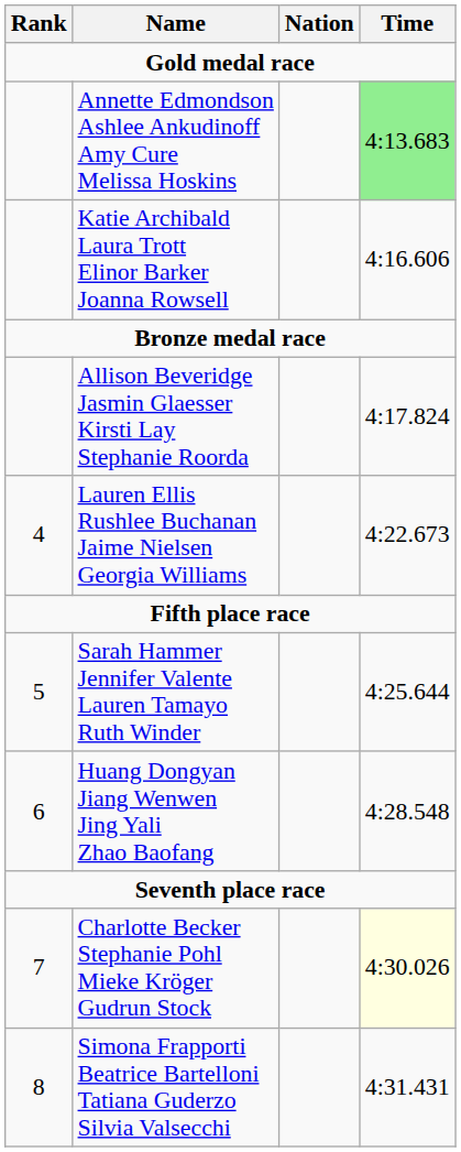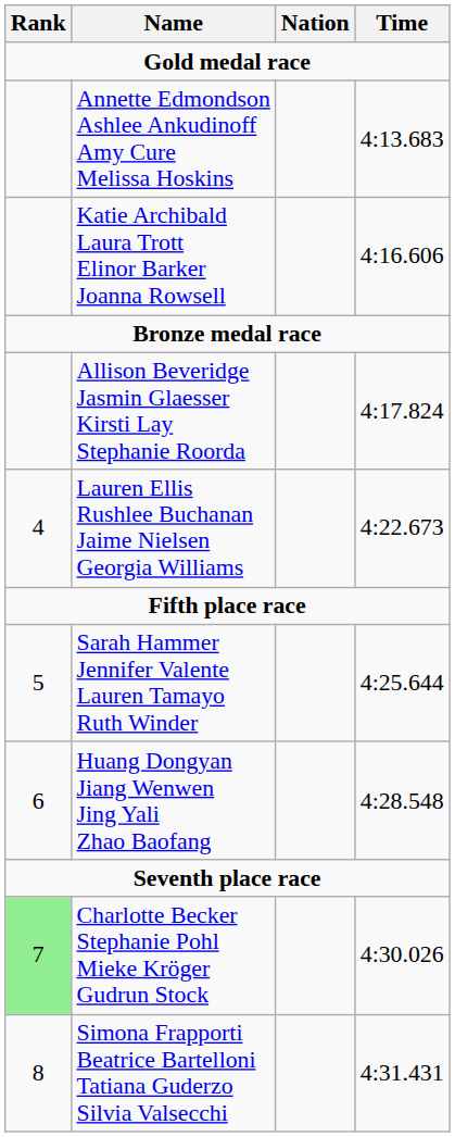 <table class="wikitable" style="text-align:center">
 <tr>
 <th>Rank</th>
 <th>Name</th>
 <th>Nation</th>
 <th>Time</th>
 </tr>
 <tr>
 <td colspan=4><strong>Gold medal race</strong></td>
 </tr>
 <tr>
 <td></td>
 <td align=left><a href='#'>Annette Edmondson</a><br><a href='#'>Ashlee Ankudinoff</a><br><a href='#'>Amy Cure</a><br><a href='#'>Melissa Hoskins</a></td>
 <td align=left></td>
-<td style="background: lightgreen;">4:13.683</td>
+<td>4:13.683</td>
 </tr>
 <tr>
 <td></td>
 <td align=left><a href='#'>Katie Archibald</a><br><a href='#'>Laura Trott</a><br><a href='#'>Elinor Barker</a><br><a href='#'>Joanna Rowsell</a></td>
 <td align=left></td>
 <td>4:16.606</td>
 </tr>
 <tr>
 <td colspan=4><strong>Bronze medal race</strong></td>
 </tr>
 <tr>
 <td></td>
 <td align=left><a href='#'>Allison Beveridge</a><br><a href='#'>Jasmin Glaesser</a><br><a href='#'>Kirsti Lay</a><br><a href='#'>Stephanie Roorda</a></td>
 <td align=left></td>
 <td>4:17.824</td>
 </tr>
 <tr>
 <td>4</td>
 <td align=left><a href='#'>Lauren Ellis</a><br><a href='#'>Rushlee Buchanan</a><br><a href='#'>Jaime Nielsen</a><br><a href='#'>Georgia Williams</a></td>
 <td align=left></td>
 <td>4:22.673</td>
 </tr>
 <tr>
 <td colspan=4><strong>Fifth place race</strong></td>
 </tr>
 <tr>
 <td>5</td>
 <td align=left><a href='#'>Sarah Hammer</a><br><a href='#'>Jennifer Valente</a><br><a href='#'>Lauren Tamayo</a><br><a href='#'>Ruth Winder</a></td>
 <td align=left></td>
 <td>4:25.644</td>
 </tr>
 <tr>
 <td>6</td>
 <td align=left><a href='#'>Huang Dongyan</a><br><a href='#'>Jiang Wenwen</a><br><a href='#'>Jing Yali</a><br><a href='#'>Zhao Baofang</a></td>
 <td align=left></td>
 <td>4:28.548</td>
 </tr>
 <tr>
 <td colspan=4><strong>Seventh place race</strong></td>
 </tr>
 <tr>
-<td>7</td>
+<td style="background: lightgreen;">7</td>
 <td align=left><a href='#'>Charlotte Becker</a><br><a href='#'>Stephanie Pohl</a><br><a href='#'>Mieke Kröger</a><br><a href='#'>Gudrun Stock</a></td>
 <td align=left></td>
-<td style="background: lightyellow;">4:30.026</td>
+<td>4:30.026</td>
 </tr>
 <tr>
 <td>8</td>
 <td align=left><a href='#'>Simona Frapporti</a><br><a href='#'>Beatrice Bartelloni</a><br><a href='#'>Tatiana Guderzo</a><br><a href='#'>Silvia Valsecchi</a></td>
 <td align=left></td>
 <td>4:31.431</td>
 </tr>
 </table>
